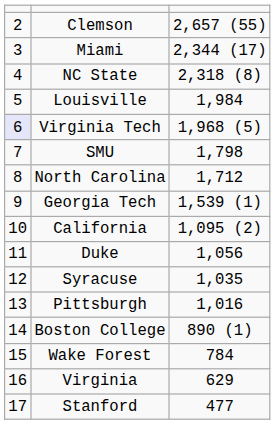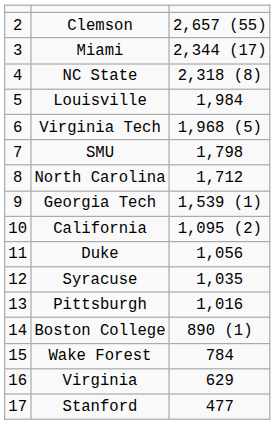 <table class="wikitable" style="display: inline-table; text-align:center;">
 <tr align="center">
 <td style=><strong></strong></td>
 <td style=><strong></strong></td>
 <td style=><strong></strong></td>
 </tr>
 <tr>
 <td>2</td>
 <td>Clemson</td>
 <td>2,657 (55)</td>
 </tr>
 <tr>
 <td>3</td>
 <td>Miami</td>
 <td>2,344 (17)</td>
 </tr>
 <tr>
 <td>4</td>
 <td>NC State</td>
 <td>2,318 (8)</td>
 </tr>
 <tr>
 <td>5</td>
 <td>Louisville</td>
 <td>1,984</td>
 </tr>
 <tr>
-<td style="background: lavender;">6</td>
+<td>6</td>
 <td>Virginia Tech</td>
 <td>1,968 (5)</td>
 </tr>
 <tr>
 <td>7</td>
 <td>SMU</td>
 <td>1,798</td>
 </tr>
 <tr>
 <td>8</td>
 <td>North Carolina</td>
 <td>1,712</td>
 </tr>
 <tr>
 <td>9</td>
 <td>Georgia Tech</td>
 <td>1,539 (1)</td>
 </tr>
 <tr>
 <td>10</td>
 <td>California</td>
 <td>1,095 (2)</td>
 </tr>
 <tr>
 <td>11</td>
 <td>Duke</td>
 <td>1,056</td>
 </tr>
 <tr>
 <td>12</td>
 <td>Syracuse</td>
 <td>1,035</td>
 </tr>
 <tr>
 <td>13</td>
 <td>Pittsburgh</td>
 <td>1,016</td>
 </tr>
 <tr>
 <td>14</td>
 <td>Boston College</td>
 <td>890 (1)</td>
 </tr>
 <tr>
 <td>15</td>
 <td>Wake Forest</td>
 <td>784</td>
 </tr>
 <tr>
 <td>16</td>
 <td>Virginia</td>
 <td>629</td>
 </tr>
 <tr>
 <td>17</td>
 <td>Stanford</td>
 <td>477</td>
 </tr>
 </table>
